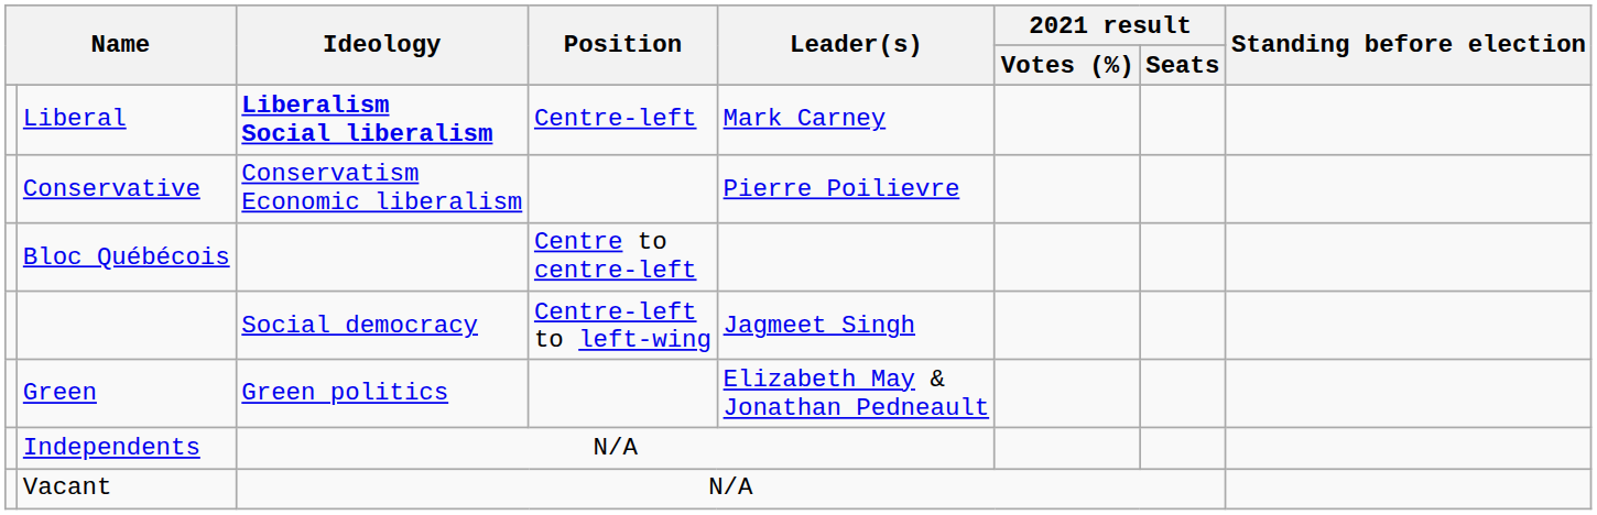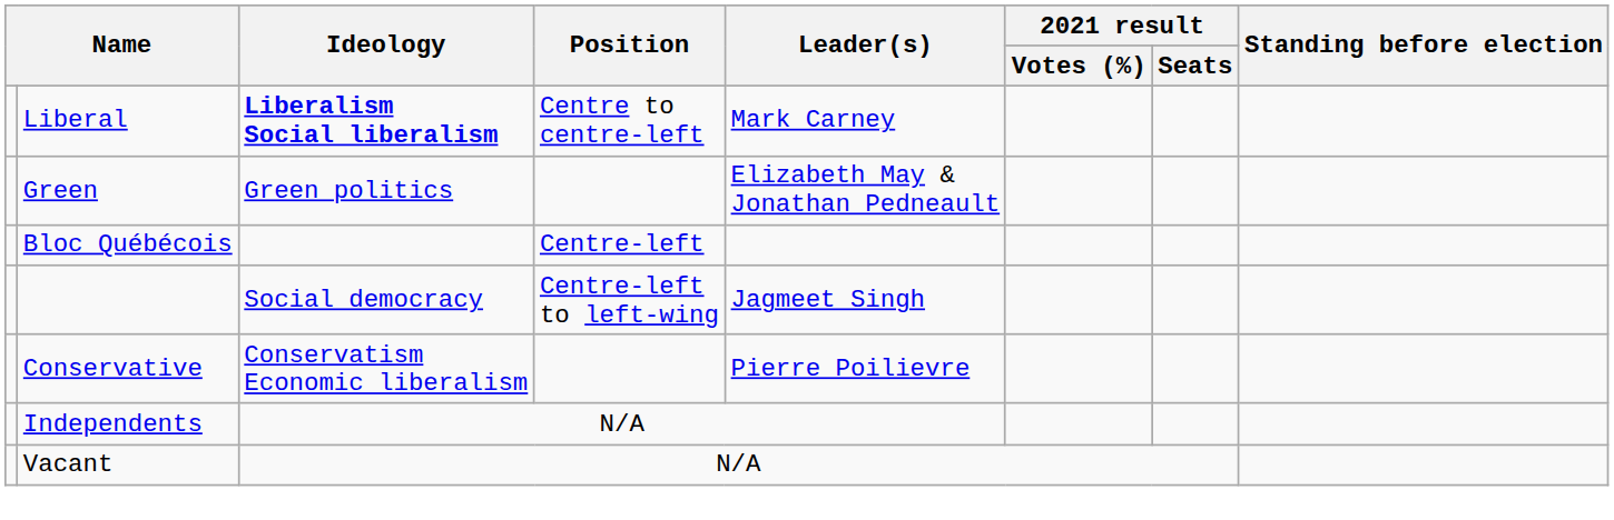 <table class="wikitable">
 <tr>
 <th colspan="2" rowspan="2">Name</th>
 <th rowspan="2">Ideology</th>
 <th rowspan="2">Position</th>
 <th rowspan="2">Leader(s)</th>
 <th colspan="2">2021 result</th>
 <th rowspan="2">Standing before election</th>
 </tr>
 <tr>
 <th>Votes (%)</th>
 <th>Seats</th>
 </tr>
 <tr>
 <td style="background:"></td>
 <td><a href='#'>Liberal</a></td>
 <td><strong><a href='#'>Liberalism</a><br><a href='#'>Social liberalism</a></strong></td>
-<td><a href='#'>Centre-left</a></td>
+<td><a href='#'>Centre</a> to<br><a href='#'>centre-left</a></td>
 <td><a href='#'>Mark Carney</a></td>
 <td></td>
 <td></td>
 <td></td>
 </tr>
 <tr>
 <td style="background:"></td>
-<td><a href='#'>Conservative</a></td>
-<td><a href='#'>Conservatism</a><br><a href='#'>Economic liberalism</a></td>
+<td><a href='#'>Green</a></td>
+<td><a href='#'>Green politics</a></td>
 <td></td>
-<td><a href='#'>Pierre Poilievre</a></td>
+<td><a href='#'>Elizabeth May</a> &<br><a href='#'>Jonathan Pedneault</a></td>
 <td></td>
 <td></td>
 <td></td>
 </tr>
 <tr>
 <td style="background:"></td>
 <td><a href='#'>Bloc Québécois</a></td>
 <td></td>
-<td><a href='#'>Centre</a> to<br><a href='#'>centre-left</a></td>
+<td><a href='#'>Centre-left</a></td>
 <td></td>
 <td></td>
 <td></td>
 <td></td>
 </tr>
 <tr>
 <td style="background:"></td>
 <td></td>
 <td><a href='#'>Social democracy</a></td>
 <td><a href='#'>Centre-left</a><br>to <a href='#'>left-wing</a></td>
 <td><a href='#'>Jagmeet Singh</a></td>
 <td></td>
 <td></td>
 <td></td>
 </tr>
 <tr>
 <td style="background:"></td>
-<td><a href='#'>Green</a></td>
-<td><a href='#'>Green politics</a></td>
+<td><a href='#'>Conservative</a></td>
+<td><a href='#'>Conservatism</a><br><a href='#'>Economic liberalism</a></td>
 <td></td>
-<td><a href='#'>Elizabeth May</a> &<br><a href='#'>Jonathan Pedneault</a></td>
+<td><a href='#'>Pierre Poilievre</a></td>
 <td></td>
 <td></td>
 <td></td>
 </tr>
 <tr>
 <td style="background:"></td>
 <td><a href='#'>Independents</a></td>
 <td colspan="3" style="text-align:center;">N/A</td>
 <td></td>
 <td></td>
 <td></td>
 </tr>
 <tr>
 <td style="background:"></td>
 <td>Vacant</td>
 <td colspan="5" style="text-align:center;">N/A</td>
 <td></td>
 </tr>
 </table>
